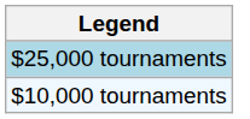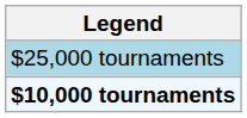 <table class=wikitable style=font-size:85%>
 <tr>
 <th>Legend</th>
 </tr>
 <tr style="background:lightblue;">
 <td>$25,000 tournaments</td>
 </tr>
 <tr style="background:#f0f8ff;">
-<td>$10,000 tournaments</td>
+<td><strong>$10,000 tournaments</strong></td>
 </tr>
 </table>
